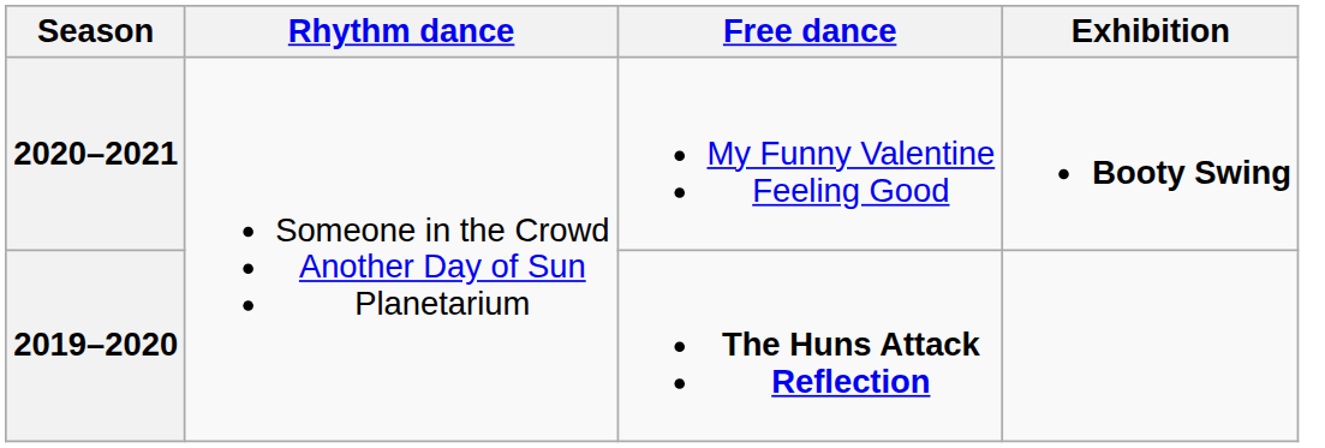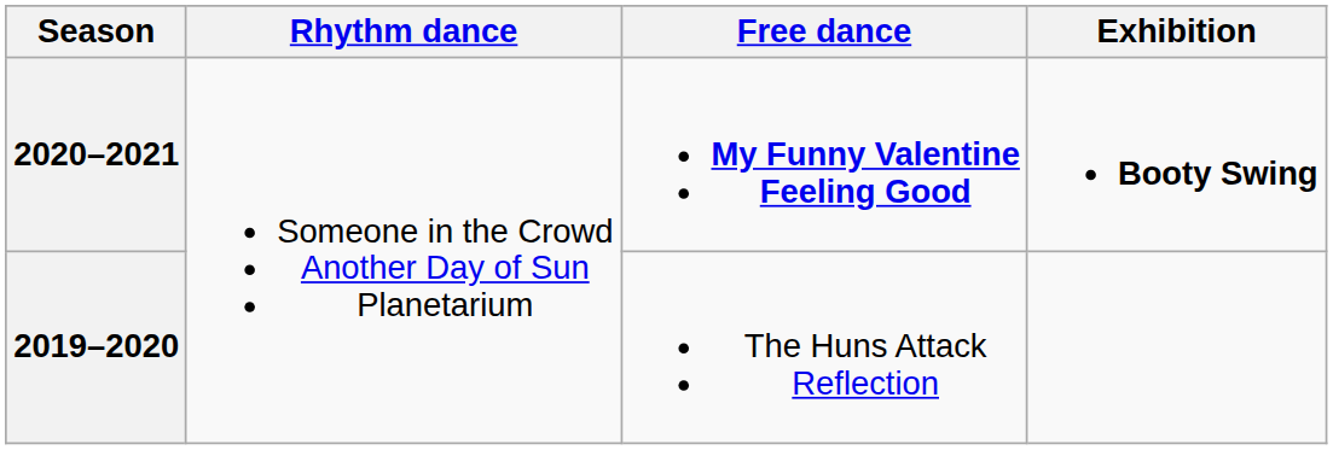 <table class=wikitable style=text-align:center>
 <tr>
 <th>Season</th>
 <th><a href='#'>Rhythm dance</a></th>
 <th><a href='#'>Free dance</a></th>
 <th>Exhibition</th>
 </tr>
 <tr>
 <th>2020–2021 <br> </th>
 <td rowspan=2><br><ul><li>Someone in the Crowd</li><li> <a href='#'>Another Day of Sun</a></li><li>Planetarium <br></li></ul></td>
-<td><br><ul><li><a href='#'>My Funny Valentine</a> <br></li><li><a href='#'>Feeling Good</a> <br></li></ul></td>
+<td><strong><br><ul><li><a href='#'>My Funny Valentine</a> <br></li><li><a href='#'>Feeling Good</a> <br></li></ul></strong></td>
 <td><strong><br><ul><li>Booty Swing <br></li></ul></strong></td>
 </tr>
 <tr>
 <th>2019–2020 <br> </th>
-<td><strong><br><ul><li>The Huns Attack <br></li><li><a href='#'>Reflection</a> <br></li></ul></strong></td>
+<td><br><ul><li>The Huns Attack <br></li><li><a href='#'>Reflection</a> <br></li></ul></td>
 <td></td>
 </tr>
 </table>
